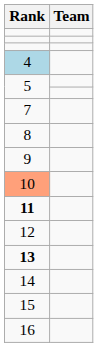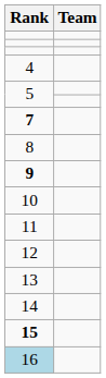 <table class="wikitable" style="text-align:center;">
 <tr>
 <th width=40>Rank</th>
 <th>Team</th>
 </tr>
 <tr>
 <td></td>
 <td style="text-align:left;"></td>
 </tr>
 <tr>
 <td></td>
 <td style="text-align:left;"></td>
 </tr>
 <tr>
 <td></td>
 <td style="text-align:left;"></td>
 </tr>
 <tr>
-<td style="background: lightblue;">4</td>
+<td>4</td>
 <td style="text-align:left;"></td>
 </tr>
 <tr>
 <td rowspan=2>5</td>
 <td style="text-align:left;"></td>
 </tr>
 <tr>
 <td style="text-align:left;"></td>
 </tr>
 <tr>
-<td>7</td>
+<td><strong>7</strong></td>
 <td style="text-align:left;"></td>
 </tr>
 <tr>
 <td>8</td>
 <td style="text-align:left;"></td>
 </tr>
 <tr>
-<td>9</td>
+<td><strong>9</strong></td>
 <td style="text-align:left;"></td>
 </tr>
 <tr>
-<td style="background: lightsalmon;">10</td>
+<td>10</td>
 <td style="text-align:left;"></td>
 </tr>
 <tr>
-<td><strong>11</strong></td>
+<td>11</td>
 <td style="text-align:left;"></td>
 </tr>
 <tr>
 <td>12</td>
 <td style="text-align:left;"></td>
 </tr>
 <tr>
-<td><strong>13</strong></td>
+<td>13</td>
 <td style="text-align:left;"></td>
 </tr>
 <tr>
 <td>14</td>
 <td style="text-align:left;"></td>
 </tr>
 <tr>
-<td>15</td>
+<td><strong>15</strong></td>
 <td style="text-align:left;"></td>
 </tr>
 <tr>
-<td>16</td>
+<td style="background: lightblue;">16</td>
 <td style="text-align:left;"></td>
 </tr>
 </table>
